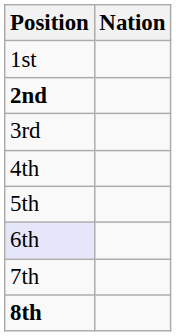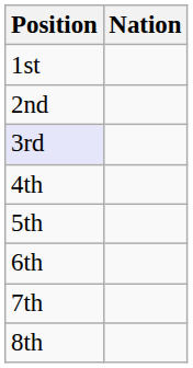 <table class="wikitable">
 <tr>
 <th>Position</th>
 <th>Nation</th>
 </tr>
 <tr>
 <td>1st</td>
 <td></td>
 </tr>
 <tr>
-<td><strong>2nd</strong></td>
+<td>2nd</td>
 <td></td>
 </tr>
 <tr>
-<td>3rd</td>
+<td style="background: lavender;">3rd</td>
 <td></td>
 </tr>
 <tr>
 <td>4th</td>
 <td></td>
 </tr>
 <tr>
 <td>5th</td>
 <td></td>
 </tr>
 <tr>
-<td style="background: lavender;">6th</td>
+<td>6th</td>
 <td></td>
 </tr>
 <tr>
 <td>7th</td>
 <td></td>
 </tr>
 <tr>
-<td><strong>8th</strong></td>
+<td>8th</td>
 <td></td>
 </tr>
 </table>
